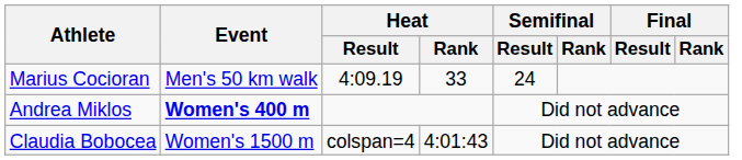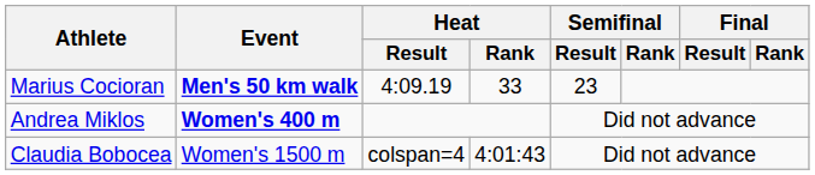 <table class="wikitable" style="font-size:90%">
 <tr>
 <th rowspan="2">Athlete</th>
 <th rowspan="2">Event</th>
 <th colspan="2">Heat</th>
 <th colspan="2">Semifinal</th>
 <th colspan="2">Final</th>
 </tr>
 <tr style="font-size:95%">
 <th>Result</th>
 <th>Rank</th>
 <th>Result</th>
 <th>Rank</th>
 <th>Result</th>
 <th>Rank</th>
 </tr>
 <tr align=center>
 <td align=left><a href='#'>Marius Cocioran</a></td>
-<td align=left><a href='#'>Men's 50 km walk</a></td>
+<td align=left><strong><a href='#'>Men's 50 km walk</a></strong></td>
 <td>4:09.19</td>
 <td>33</td>
-<td>24</td>
+<td>23</td>
 </tr>
 <tr align=center>
 <td align=left><a href='#'>Andrea Miklos</a></td>
 <td align=left><strong><a href='#'>Women's 400 m</a></strong></td>
 <td colspan=2></td>
 <td colspan=4>Did not advance</td>
 </tr>
 <tr align=center>
 <td align=left><a href='#'>Claudia Bobocea</a></td>
 <td align=left><a href='#'>Women's 1500 m</a></td>
 <td>colspan=4 </td>
 <td>4:01:43</td>
 <td colspan=4>Did not advance</td>
 </tr>
 </table>
